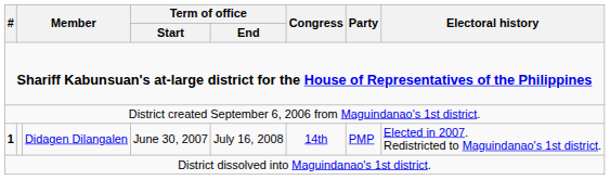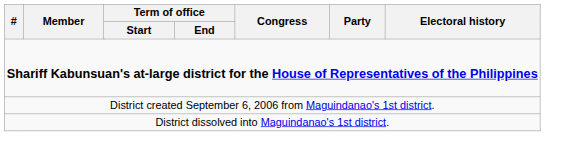 <table class=wikitable>
 <tr>
 <th rowspan="2">#</th>
 <th rowspan="2" colspan=2>Member</th>
 <th colspan=2>Term of office</th>
 <th rowspan="2">Congress</th>
 <th rowspan="2">Party</th>
 <th rowspan="2">Electoral history</th>
 </tr>
 <tr>
 <th>Start</th>
 <th>End</th>
 </tr>
 <tr>
 <td colspan="8" style="text-align:center;"><br><h3>Shariff Kabunsuan's at-large district for the <a href='#'>House of Representatives of the Philippines</a></h3></td>
 </tr>
 <tr>
 <td colspan="8" style="text-align:center;">District created September 6, 2006 from <a href='#'>Maguindanao's 1st district</a>.</td>
 </tr>
 <tr>
-<td style="text-align:center;"><strong>1</strong></td>
-<td style="color:inherit;background:"></td>
-<td><a href='#'>Didagen Dilangalen</a></td>
-<td>June 30, 2007</td>
-<td>July 16, 2008</td>
-<td style="text-align:center;"><a href='#'>14th</a></td>
-<td><a href='#'>PMP</a></td>
-<td><a href='#'>Elected in 2007</a>.<br>Redistricted to <a href='#'>Maguindanao's 1st district</a>.</td>
-</tr>
-<tr>
 <td colspan="8" style="text-align:center;">District dissolved into <a href='#'>Maguindanao's 1st district</a>.</td>
 </tr>
 </table>
